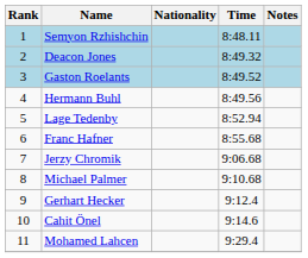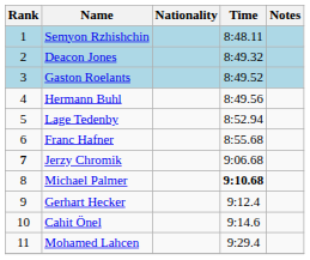 <table class="wikitable sortable" style="text-align:center">
 <tr>
 <th>Rank</th>
 <th>Name</th>
 <th>Nationality</th>
 <th>Time</th>
 <th>Notes</th>
 </tr>
 <tr bgcolor=lightblue>
 <td>1</td>
 <td align=left><a href='#'>Semyon Rzhishchin</a></td>
 <td align=left></td>
 <td>8:48.11</td>
 <td></td>
 </tr>
 <tr bgcolor=lightblue>
 <td>2</td>
 <td align=left><a href='#'>Deacon Jones</a></td>
 <td align=left></td>
 <td>8:49.32</td>
 <td></td>
 </tr>
 <tr bgcolor=lightblue>
 <td>3</td>
 <td align=left><a href='#'>Gaston Roelants</a></td>
 <td align=left></td>
 <td>8:49.52</td>
 <td></td>
 </tr>
 <tr>
 <td>4</td>
 <td align=left><a href='#'>Hermann Buhl</a></td>
 <td align=left></td>
 <td>8:49.56</td>
 <td></td>
 </tr>
 <tr>
 <td>5</td>
 <td align=left><a href='#'>Lage Tedenby</a></td>
 <td align=left></td>
 <td>8:52.94</td>
 <td></td>
 </tr>
 <tr>
 <td>6</td>
 <td align=left><a href='#'>Franc Hafner</a></td>
 <td align=left></td>
 <td>8:55.68</td>
 <td></td>
 </tr>
 <tr>
-<td>7</td>
+<td><strong>7</strong></td>
 <td align=left><a href='#'>Jerzy Chromik</a></td>
 <td align=left></td>
 <td>9:06.68</td>
 <td></td>
 </tr>
 <tr>
 <td>8</td>
 <td align=left><a href='#'>Michael Palmer</a></td>
 <td align=left></td>
-<td>9:10.68</td>
+<td><strong>9:10.68</strong></td>
 <td></td>
 </tr>
 <tr>
 <td>9</td>
 <td align=left><a href='#'>Gerhart Hecker</a></td>
 <td align=left></td>
 <td>9:12.4</td>
 <td></td>
 </tr>
 <tr>
 <td>10</td>
 <td align=left><a href='#'>Cahit Önel</a></td>
 <td align=left></td>
 <td>9:14.6</td>
 <td></td>
 </tr>
 <tr>
 <td>11</td>
 <td align=left><a href='#'>Mohamed Lahcen</a></td>
 <td align=left></td>
 <td>9:29.4</td>
 <td></td>
 </tr>
 <tr>
 </tr>
 </table>
